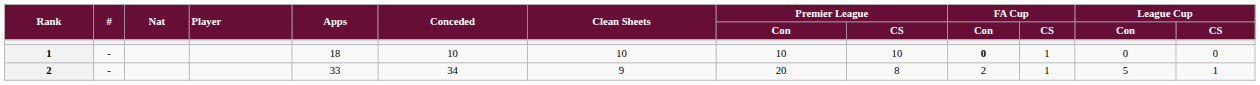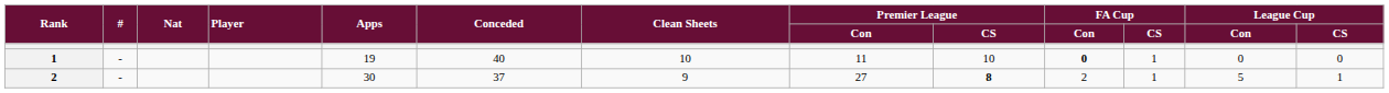 <table class="wikitable sortable" style="text-align:center; font-size:84.5%; width:100%;">
 <tr>
 <th rowspan="2"; style="background:#670E36; color:#FFFFFF; text-align:center;">Rank</th>
 <th rowspan="2"; style="background:#670E36; color:#FFFFFF; text-align:center;">#</th>
 <th rowspan="2"; style="background:#670E36; color:#FFFFFF; text-align:center;">Nat</th>
 <th rowspan="2"; style="background:#670E36; color:#FFFFFF; text-align:left;">Player</th>
 <th rowspan="2"; style="background:#670E36; color:#FFFFFF; text-align:center;">Apps</th>
 <th rowspan="2"; style="background:#670E36; color:#FFFFFF; text-align:center;">Conceded</th>
 <th rowspan="2"; style="background:#670E36; color:#FFFFFF; text-align:center;">Clean Sheets</th>
 <th colspan="2"; style="background:#670E36; color:#FFFFFF; text-align:center;">Premier League</th>
 <th colspan="2"; style="background:#670E36; color:#FFFFFF; text-align:center;">FA Cup</th>
 <th colspan="2"; style="background:#670E36; color:#FFFFFF; text-align:center;">League Cup</th>
 </tr>
 <tr>
 <th style="background:#670E36; color:#FFFFFF; text-align:center;">Con</th>
 <th style="background:#670E36; color:#FFFFFF; text-align:center;">CS</th>
 <th style="background:#670E36; color:#FFFFFF; text-align:center;">Con</th>
 <th style="background:#670E36; color:#FFFFFF; text-align:center;">CS</th>
 <th style="background:#670E36; color:#FFFFFF; text-align:center;">Con</th>
 <th style="background:#670E36; color:#FFFFFF; text-align:center;">CS</th>
 </tr>
 <tr>
 <th></th>
 <th></th>
 <th></th>
 <th></th>
 <th></th>
 <th></th>
 <th></th>
 <th></th>
 <th></th>
 <th></th>
 <th></th>
 <th></th>
 <th></th>
 </tr>
 <tr>
 <th>1</th>
 <td>-</td>
 <td></td>
 <td style="text-align:left;"></td>
-<td>18</td>
+<td>19</td>
+<td>40</td>
 <td>10</td>
-<td>10</td>
-<td>10</td>
+<td>11</td>
 <td>10</td>
 <td><strong>0</strong></td>
 <td>1</td>
 <td>0</td>
 <td>0</td>
 </tr>
 <tr>
 <th>2</th>
 <td>-</td>
 <td></td>
 <td style="text-align:left;"></td>
-<td>33</td>
-<td>34</td>
+<td>30</td>
+<td>37</td>
 <td>9</td>
-<td>20</td>
-<td>8</td>
+<td>27</td>
+<td><strong>8</strong></td>
 <td>2</td>
 <td>1</td>
 <td>5</td>
 <td>1</td>
 </tr>
 </table>
